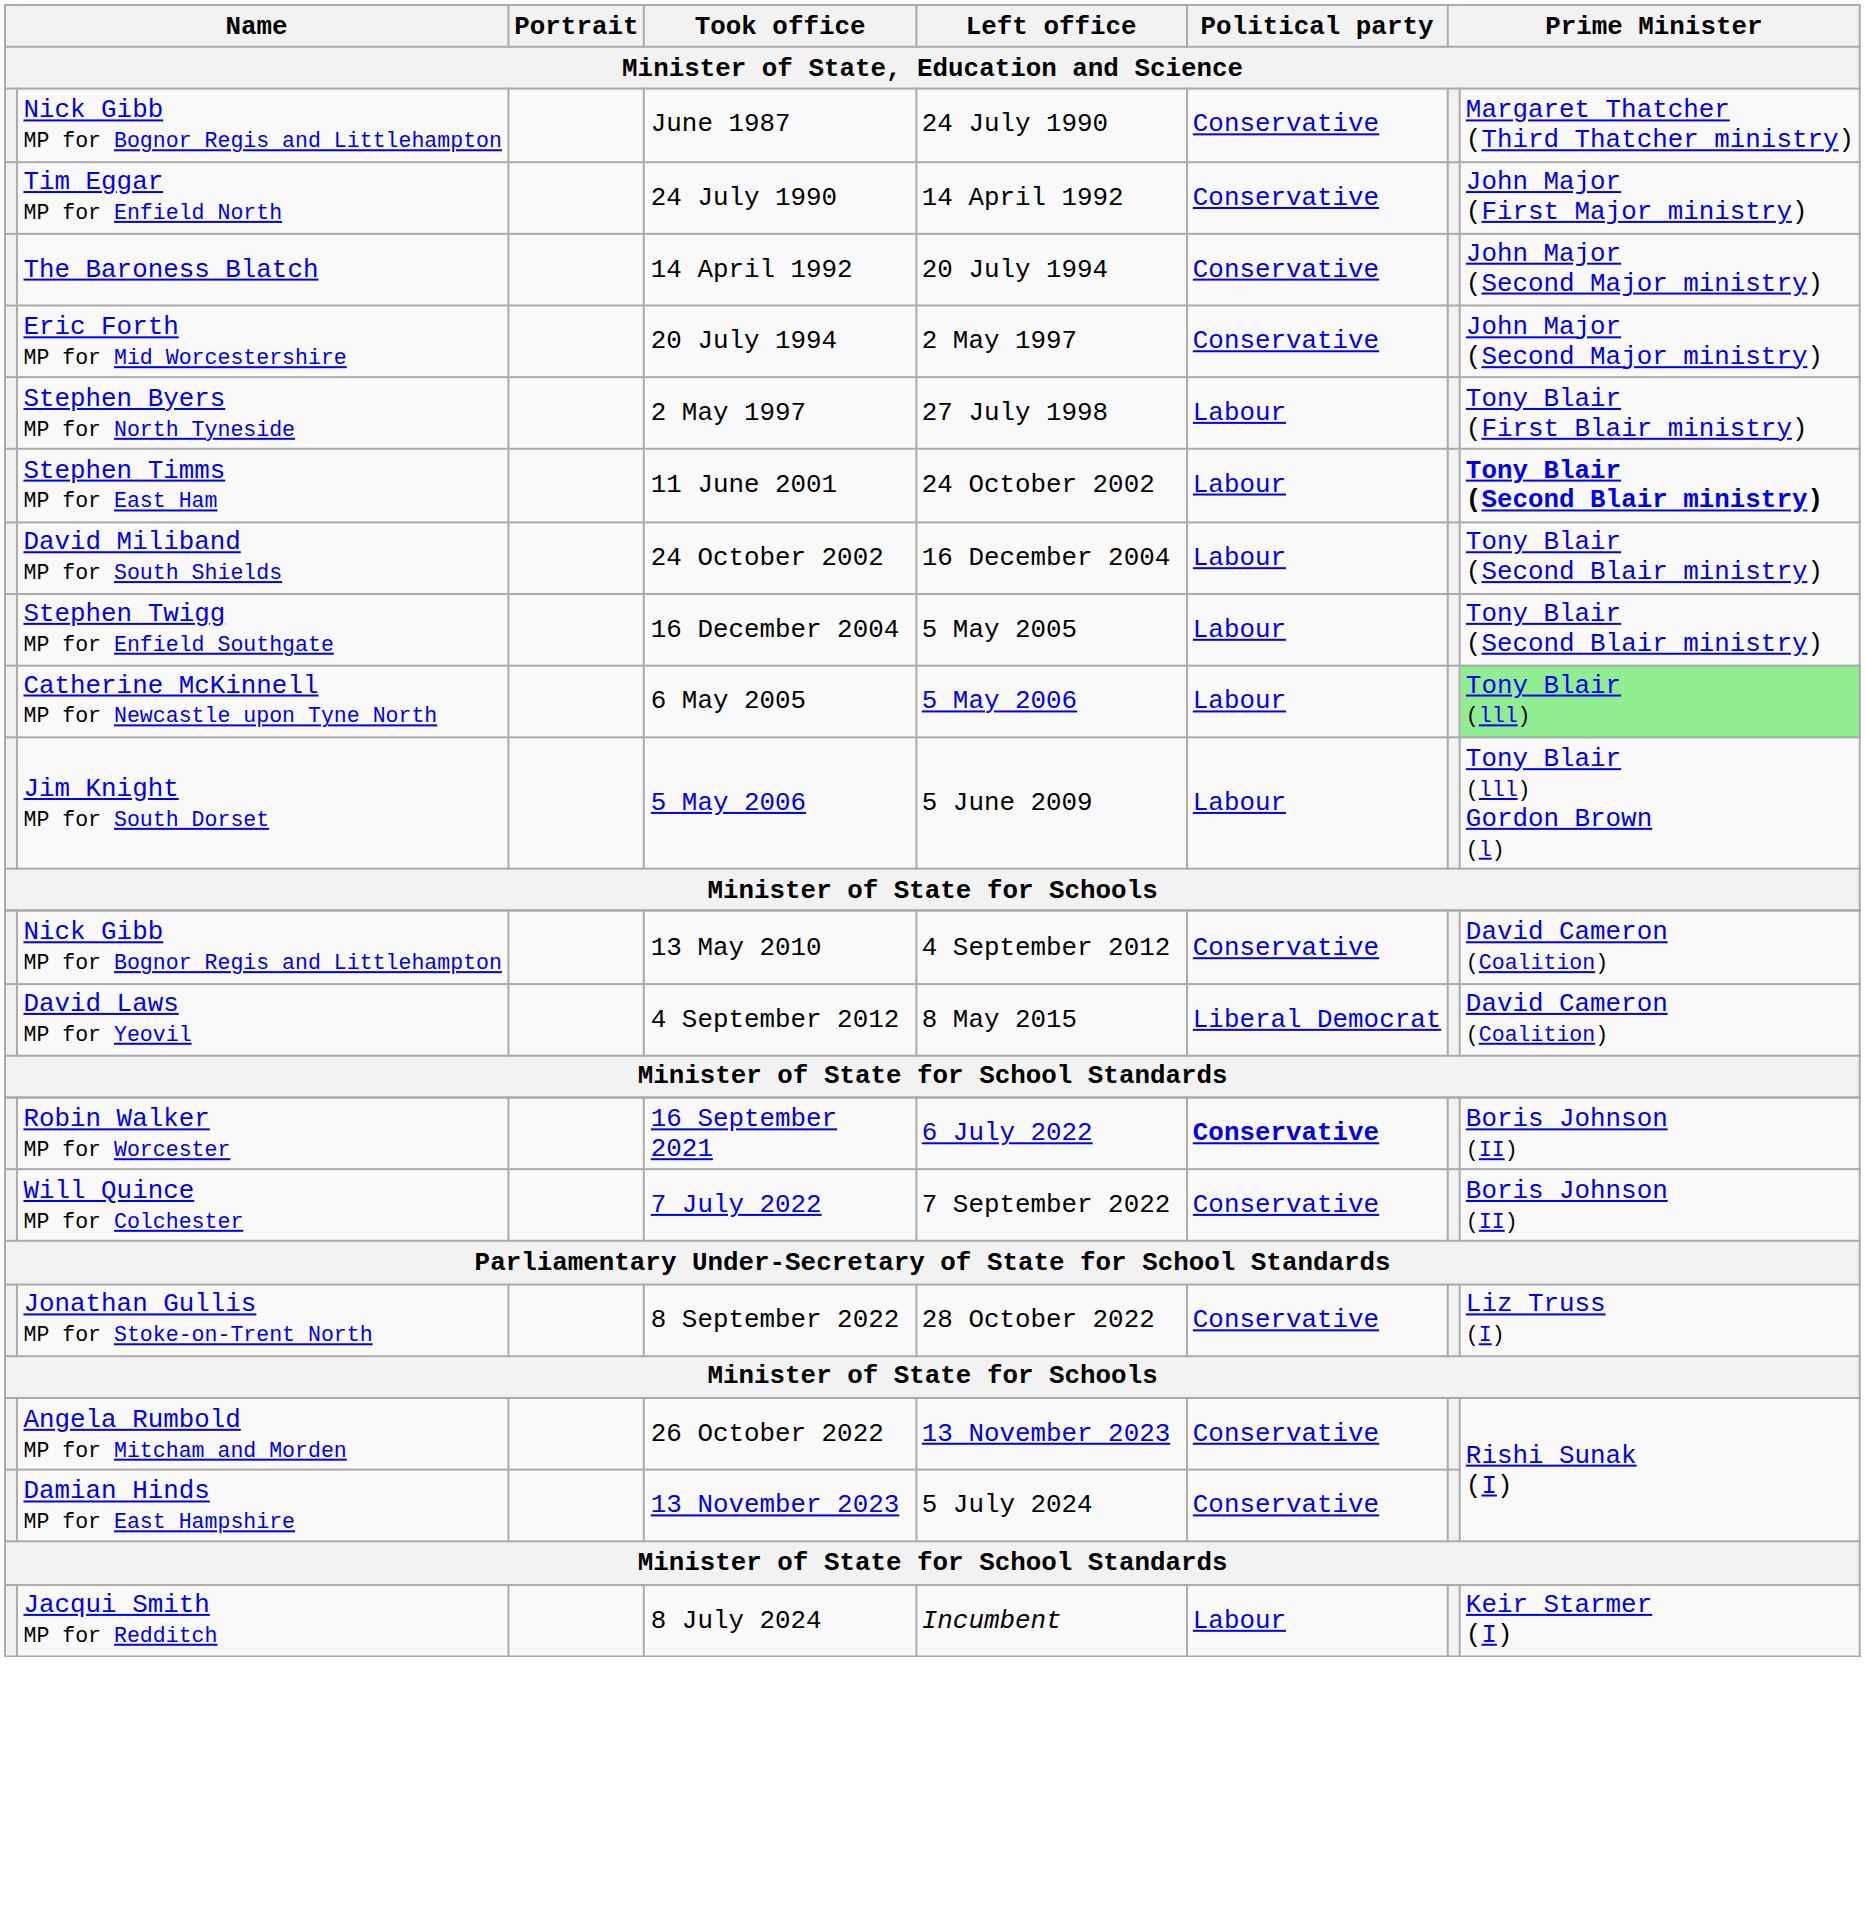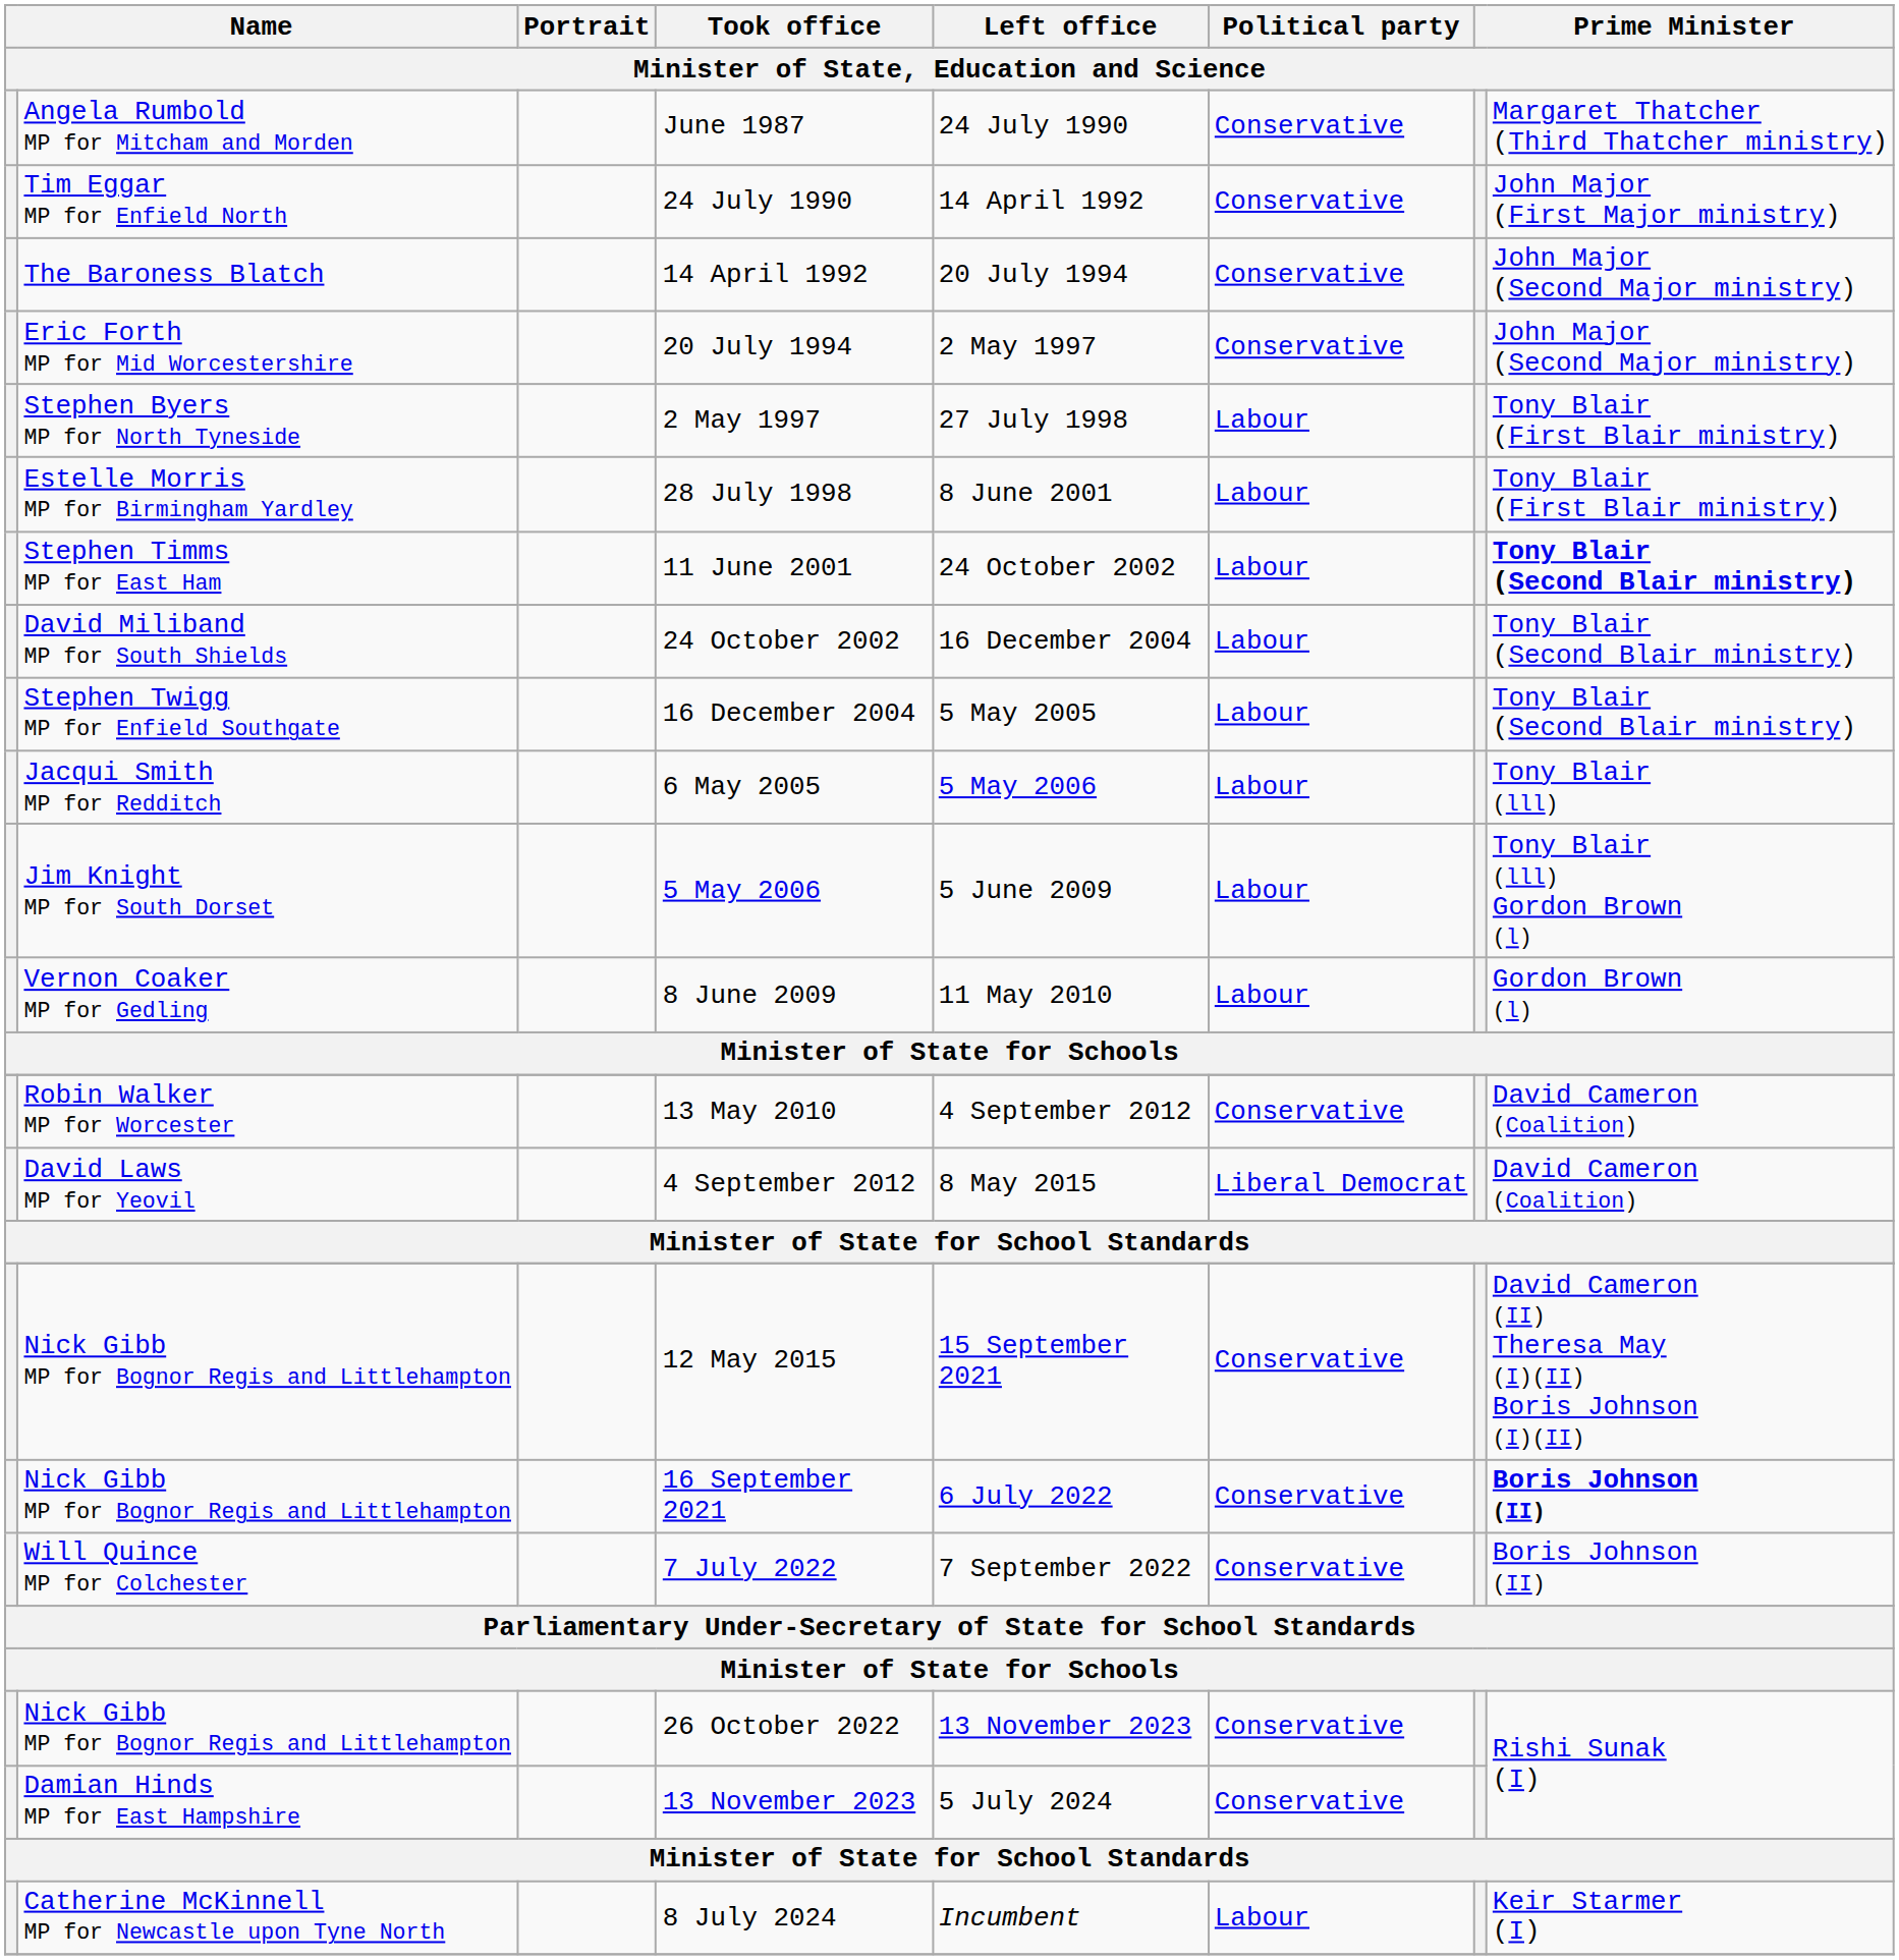 <table class="wikitable">
 <tr>
 <th colspan="2">Name</th>
 <th>Portrait</th>
 <th width="130">Took office</th>
 <th width="130">Left office</th>
 <th>Political party</th>
 <th colspan="2">Prime Minister</th>
 </tr>
 <tr>
 <th colspan="8">Minister of State, Education and Science</th>
 </tr>
 <tr>
 <th style="background-color: "></th>
-<td><a href='#'>Nick Gibb</a><br><small>MP for <a href='#'>Bognor Regis and Littlehampton</a></small></td>
+<td><a href='#'>Angela Rumbold</a><br><small>MP for <a href='#'>Mitcham and Morden</a></small></td>
 <td></td>
 <td>June 1987</td>
 <td>24 July 1990</td>
 <td><a href='#'>Conservative</a></td>
 <th style="background-color: "></th>
 <td><a href='#'>Margaret Thatcher</a><br>(<a href='#'>Third Thatcher ministry</a>)</td>
 </tr>
 <tr>
 <th style="background-color: "></th>
 <td><a href='#'>Tim Eggar</a><br><small>MP for <a href='#'>Enfield North</a></small></td>
 <td></td>
 <td>24 July 1990</td>
 <td>14 April 1992</td>
 <td><a href='#'>Conservative</a></td>
 <th style="background-color: "></th>
 <td><a href='#'>John Major</a><br>(<a href='#'>First Major ministry</a>)</td>
 </tr>
 <tr>
 <th style="background-color: "></th>
 <td><a href='#'>The Baroness Blatch</a></td>
 <td></td>
 <td>14 April 1992</td>
 <td>20 July 1994</td>
 <td><a href='#'>Conservative</a></td>
 <th style="background-color: "></th>
 <td><a href='#'>John Major</a><br>(<a href='#'>Second Major ministry</a>)</td>
 </tr>
 <tr>
 <th style="background-color: "></th>
 <td><a href='#'>Eric Forth</a><br><small>MP for <a href='#'>Mid Worcestershire</a></small></td>
 <td></td>
 <td>20 July 1994</td>
 <td>2 May 1997</td>
 <td><a href='#'>Conservative</a></td>
 <th style="background-color: "></th>
 <td><a href='#'>John Major</a><br>(<a href='#'>Second Major ministry</a>)</td>
 </tr>
 <tr>
 <th style="background-color: "></th>
 <td><a href='#'>Stephen Byers</a><br><small>MP for <a href='#'>North Tyneside</a></small></td>
 <td></td>
 <td>2 May 1997</td>
 <td>27 July 1998</td>
 <td><a href='#'>Labour</a></td>
 <th style="background-color: "></th>
 <td><a href='#'>Tony Blair</a><br>(<a href='#'>First Blair ministry</a>)</td>
 </tr>
 <tr>
 <th style="background-color: "></th>
+<td><a href='#'>Estelle Morris</a><br><small>MP for <a href='#'>Birmingham Yardley</a></small></td>
+<td></td>
+<td>28 July 1998</td>
+<td>8 June 2001</td>
+<td><a href='#'>Labour</a></td>
+<th style="background-color: "></th>
+<td><a href='#'>Tony Blair</a><br>(<a href='#'>First Blair ministry</a>)</td>
+</tr>
+<tr>
+<th style="background-color: "></th>
 <td><a href='#'>Stephen Timms</a><br><small>MP for <a href='#'>East Ham</a></small></td>
 <td></td>
 <td>11 June 2001</td>
 <td>24 October 2002</td>
 <td><a href='#'>Labour</a></td>
 <th style="background-color: "></th>
 <td><strong><a href='#'>Tony Blair</a><br>(<a href='#'>Second Blair ministry</a>)</strong></td>
 </tr>
 <tr>
 <th style="background-color: "></th>
 <td><a href='#'>David Miliband</a><br><small>MP for <a href='#'>South Shields</a></small></td>
 <td></td>
 <td>24 October 2002</td>
 <td>16 December 2004</td>
 <td><a href='#'>Labour</a></td>
 <th style="background-color: "></th>
 <td><a href='#'>Tony Blair</a><br>(<a href='#'>Second Blair ministry</a>)</td>
 </tr>
 <tr>
 <th style="background-color: "></th>
 <td><a href='#'>Stephen Twigg</a><br><small>MP for <a href='#'>Enfield Southgate</a></small></td>
 <td></td>
 <td>16 December 2004</td>
 <td>5 May 2005</td>
 <td><a href='#'>Labour</a></td>
 <th style="background-color: "></th>
 <td><a href='#'>Tony Blair</a><br>(<a href='#'>Second Blair ministry</a>)</td>
 </tr>
 <tr>
 <th style="background-color: "></th>
-<td><a href='#'>Catherine McKinnell</a><br><small>MP for <a href='#'>Newcastle upon Tyne North</a></small></td>
+<td><a href='#'>Jacqui Smith</a><br><small>MP for <a href='#'>Redditch</a></small></td>
 <td></td>
 <td>6 May 2005</td>
 <td><a href='#'>5 May 2006</a></td>
 <td><a href='#'>Labour</a></td>
 <th style="background-color: "></th>
-<td style="background: lightgreen;"><a href='#'>Tony Blair</a><br><small>(<a href='#'>lll</a>)</small></td>
+<td><a href='#'>Tony Blair</a><br><small>(<a href='#'>lll</a>)</small></td>
 </tr>
 <tr>
 <th style="background-color: "></th>
 <td><a href='#'>Jim Knight</a><br><small>MP for <a href='#'>South Dorset</a></small></td>
 <td></td>
 <td><a href='#'>5 May 2006</a></td>
 <td>5 June 2009</td>
 <td><a href='#'>Labour</a></td>
 <th style="background-color: "></th>
 <td><a href='#'>Tony Blair</a><br><small>(<a href='#'>lll</a>)</small><br><a href='#'>Gordon Brown</a><br><small>(<a href='#'>l</a>)</small></td>
 </tr>
 <tr>
+<th style="background-color: "></th>
+<td><a href='#'>Vernon Coaker</a><br><small>MP for <a href='#'>Gedling</a></small></td>
+<td></td>
+<td>8 June 2009</td>
+<td>11 May 2010</td>
+<td><a href='#'>Labour</a></td>
+<th style="background-color: "></th>
+<td><a href='#'>Gordon Brown</a><br><small>(<a href='#'>l</a>)</small></td>
+</tr>
+<tr>
 <th colspan="8">Minister of State for Schools</th>
 </tr>
 <tr>
 </tr>
 <tr>
 <th style="background-color: "></th>
-<td><a href='#'>Nick Gibb</a><br><small>MP for <a href='#'>Bognor Regis and Littlehampton</a></small></td>
+<td><a href='#'>Robin Walker</a><br><small>MP for <a href='#'>Worcester</a></small></td>
 <td></td>
 <td>13 May 2010</td>
 <td>4 September 2012</td>
 <td><a href='#'>Conservative</a></td>
 <th style="background-color: "></th>
 <td><a href='#'>David Cameron</a><br><small>(<a href='#'>Coalition</a>)</small></td>
 </tr>
 <tr>
 <th style="background-color: "></th>
 <td><a href='#'>David Laws</a><br><small>MP for <a href='#'>Yeovil</a></small></td>
 <td></td>
 <td>4 September 2012</td>
 <td>8 May 2015</td>
 <td><a href='#'>Liberal Democrat</a></td>
 <th style="background-color: "></th>
 <td><a href='#'>David Cameron</a><br><small>(<a href='#'>Coalition</a>)</small></td>
 </tr>
 <tr>
 <th colspan="8">Minister of State for School Standards</th>
 </tr>
 <tr>
 </tr>
 <tr>
 <th style="background-color: "></th>
-<td><a href='#'>Robin Walker</a><br><small>MP for <a href='#'>Worcester</a></small></td>
+<td><a href='#'>Nick Gibb</a><br><small>MP for <a href='#'>Bognor Regis and Littlehampton</a></small></td>
+<td></td>
+<td>12 May 2015</td>
+<td><a href='#'>15 September 2021</a></td>
+<td><a href='#'>Conservative</a></td>
+<th style="background-color: "></th>
+<td><a href='#'>David Cameron</a><br><small>(<a href='#'>II</a>)</small><br><a href='#'>Theresa May</a><br><small>(<a href='#'>I</a>)(<a href='#'>II</a>)</small><br><a href='#'>Boris Johnson</a><br><small>(<a href='#'>I</a>)(<a href='#'>II</a>)</small></td>
+</tr>
+<tr>
+<th style="background-color: "></th>
+<td><a href='#'>Nick Gibb</a><br><small>MP for <a href='#'>Bognor Regis and Littlehampton</a></small></td>
 <td></td>
 <td><a href='#'>16 September 2021</a></td>
 <td><a href='#'>6 July 2022</a></td>
-<td><strong><a href='#'>Conservative</a></strong></td>
+<td><a href='#'>Conservative</a></td>
 <th style="background-color: "></th>
-<td><a href='#'>Boris Johnson</a><br><small>(<a href='#'>II</a>)</small></td>
+<td><strong><a href='#'>Boris Johnson</a><br><small>(<a href='#'>II</a>)</small></strong></td>
 </tr>
 <tr>
 <th style="background-color: "></th>
 <td><a href='#'>Will Quince</a><br><small>MP for <a href='#'>Colchester</a></small></td>
 <td></td>
 <td><a href='#'>7 July 2022</a></td>
 <td>7 September 2022</td>
 <td><a href='#'>Conservative</a></td>
 <th style="background-color: "></th>
 <td><a href='#'>Boris Johnson</a><br><small>(<a href='#'>II</a>)</small></td>
 </tr>
 <tr>
 <th colspan="8">Parliamentary Under-Secretary of State for School Standards</th>
 </tr>
 <tr>
-<th style="background-color: "></th>
-<td><a href='#'>Jonathan Gullis</a><br><small>MP for <a href='#'>Stoke-on-Trent North</a></small></td>
-<td></td>
-<td>8 September 2022</td>
-<td>28 October 2022</td>
-<td><a href='#'>Conservative</a></td>
-<th style="background-color: "></th>
-<td><a href='#'>Liz Truss</a><br><small>(<a href='#'>I</a>)</small></td>
-</tr>
-<tr>
 <th colspan="8">Minister of State for Schools</th>
 </tr>
 <tr>
 <th style="background-color: "></th>
-<td><a href='#'>Angela Rumbold</a><br><small>MP for <a href='#'>Mitcham and Morden</a></small></td>
+<td><a href='#'>Nick Gibb</a><br><small>MP for <a href='#'>Bognor Regis and Littlehampton</a></small></td>
 <td></td>
 <td>26 October 2022</td>
 <td><a href='#'>13 November 2023</a></td>
 <td><a href='#'>Conservative</a></td>
 <th style="background-color: "></th>
 <td rowspan=2><a href='#'>Rishi Sunak</a><br>(<a href='#'>I</a>)</td>
 </tr>
 <tr>
 <th style="background-color: "></th>
 <td><a href='#'>Damian Hinds</a><br><small>MP for <a href='#'>East Hampshire</a></small></td>
 <td></td>
 <td><a href='#'>13 November 2023</a></td>
 <td>5 July 2024</td>
 <td><a href='#'>Conservative</a></td>
 <th style="background-color: "></th>
 </tr>
 <tr>
 <th colspan="8">Minister of State for School Standards</th>
 </tr>
 <tr>
 <th style="background-color: "></th>
-<td><a href='#'>Jacqui Smith</a><br><small>MP for <a href='#'>Redditch</a></small></td>
+<td><a href='#'>Catherine McKinnell</a><br><small>MP for <a href='#'>Newcastle upon Tyne North</a></small></td>
 <td></td>
 <td>8 July 2024</td>
 <td><em>Incumbent</em></td>
 <td><a href='#'>Labour</a></td>
 <th style="background-color: "></th>
 <td><a href='#'>Keir Starmer</a><br>(<a href='#'>I</a>)</td>
 </tr>
 <tr>
 </tr>
 </table>
